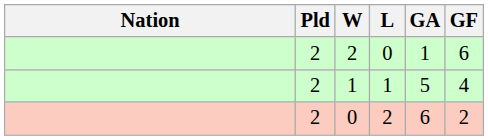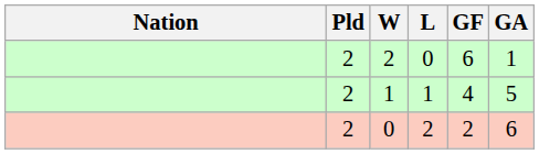 <table class=wikitable style="text-align:center">
 <tr>
 <th width=220>Nation</th>
 <th width=20>Pld</th>
 <th width=20>W</th>
 <th width=20>L</th>
+<th width=20>GF</th>
 <th width=20>GA</th>
-<th width=20>GF</th>
 </tr>
 <tr bgcolor="#ccffcc">
 <td align=left></td>
 <td>2</td>
 <td>2</td>
 <td>0</td>
+<td>6</td>
 <td>1</td>
-<td>6</td>
 </tr>
 <tr bgcolor="#ccffcc">
 <td align=left></td>
 <td>2</td>
 <td>1</td>
 <td>1</td>
+<td>4</td>
 <td>5</td>
-<td>4</td>
 </tr>
 <tr bgcolor="#fcccc">
 <td align=left></td>
 <td>2</td>
 <td>0</td>
 <td>2</td>
+<td>2</td>
 <td>6</td>
-<td>2</td>
 </tr>
 </table>
